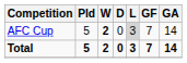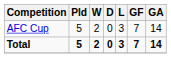 <table class="wikitable">
 <tr>
 <th>Competition</th>
 <th>Pld</th>
 <th>W</th>
 <th>D</th>
 <th>L</th>
 <th>GF</th>
 <th>GA</th>
 </tr>
 <tr>
 <td><a href='#'>AFC Cup</a></td>
 <td style="text-align:center;">5</td>
-<td style="text-align:center;"><strong>2</strong></td>
+<td style="text-align:center;">2</td>
 <td style="text-align:center;">0</td>
-<td style="background: lightgrey; text-align:center;">3</td>
+<td style="text-align:center;">3</td>
 <td style="text-align:center;">7</td>
 <td style="text-align:center;">14</td>
 </tr>
 <tr>
 <td><strong>Total</strong></td>
 <td style="text-align:center;"><strong>5</strong></td>
 <td style="text-align:center;"><strong>2</strong></td>
 <td style="text-align:center;"><strong>0</strong></td>
 <td style="text-align:center;"><strong>3</strong></td>
 <td style="text-align:center;"><strong>7</strong></td>
 <td style="text-align:center;"><strong>14</strong></td>
 </tr>
 <tr>
 </tr>
 </table>
